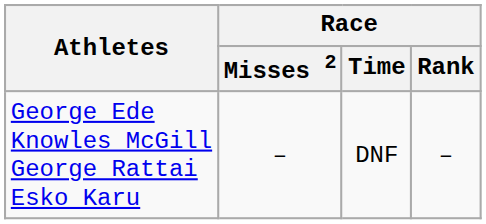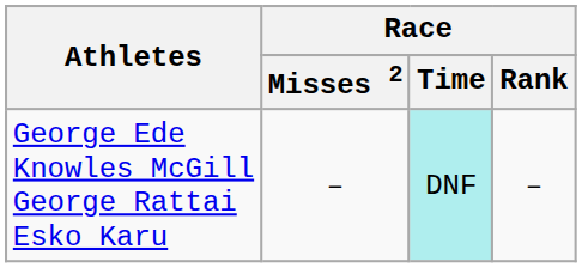 <table class="wikitable" border="1" style="font-size:90%">
 <tr>
 <th rowspan=2>Athletes</th>
 <th colspan=3>Race</th>
 </tr>
 <tr>
 <th>Misses <sup>2</sup></th>
 <th>Time</th>
 <th>Rank</th>
 </tr>
 <tr>
 <td><a href='#'>George Ede</a><br><a href='#'>Knowles McGill</a><br><a href='#'>George Rattai</a><br><a href='#'>Esko Karu</a></td>
 <td align=center>–</td>
-<td align=center>DNF</td>
+<td align=center style="background: paleturquoise;">DNF</td>
 <td align=center>–</td>
 </tr>
 </table>
